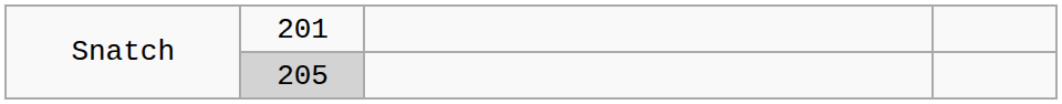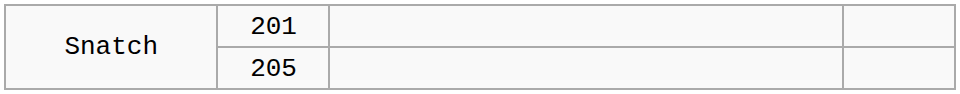 <table class = "wikitable" style="text-align:center;">
 <tr>
 <td rowspan=2 width=100>Snatch</td>
 <td width=50>201</td>
 <td width=250 align=left></td>
 <td width=50></td>
 </tr>
 <tr>
-<td style="background: lightgrey;">205</td>
+<td>205</td>
 <td align=left></td>
 <td></td>
 </tr>
 </table>
